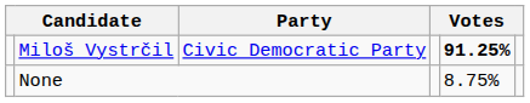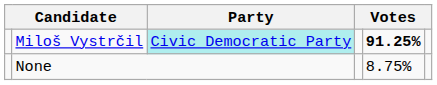 <table class="wikitable">
 <tr>
 <th colspan=2>Candidate</th>
 <th>Party</th>
 <th colspan=3>Votes</th>
 </tr>
 <tr>
 <td style="background:"></td>
 <td><a href='#'>Miloš Vystrčil</a></td>
-<td><a href='#'>Civic Democratic Party</a></td>
+<td style="background: paleturquoise;"><a href='#'>Civic Democratic Party</a></td>
 <td></td>
 <td><strong>91.25%</strong></td>
 <td></td>
 </tr>
 <tr>
 <td style="background:"></td>
 <td colspan=2>None</td>
 <td></td>
 <td>8.75%</td>
 <td></td>
 </tr>
 </table>
